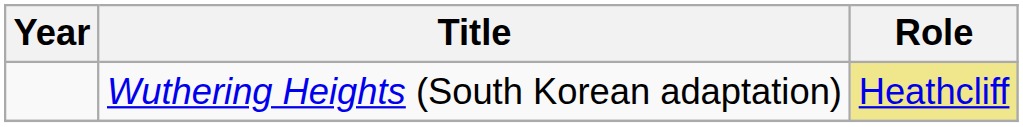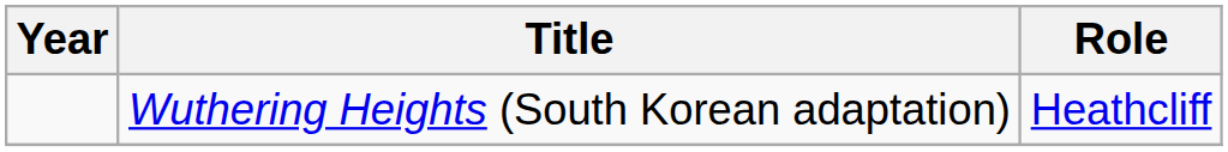 <table class="wikitable">
 <tr>
 <th>Year</th>
 <th>Title</th>
 <th>Role</th>
 </tr>
 <tr>
 <td></td>
 <td><em><a href='#'>Wuthering Heights</a></em> (South Korean adaptation)</td>
-<td style="background: khaki;"><a href='#'>Heathcliff</a></td>
+<td><a href='#'>Heathcliff</a></td>
 </tr>
 <tr>
 </tr>
 </table>
